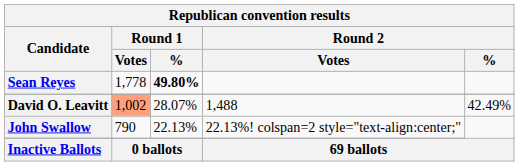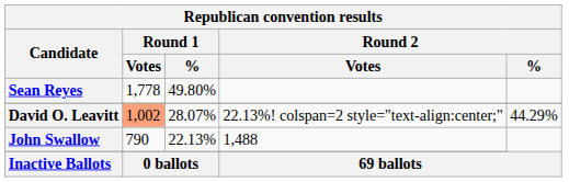 <table class="wikitable sortable">
 <tr>
 <th colspan="5">Republican convention results</th>
 </tr>
 <tr style="background:#eee; text-align:center;">
 <th rowspan="2" style="text-align:center;">Candidate</th>
 <th colspan="2" style="text-align:center;">Round 1</th>
 <th colspan="2" style="text-align:center;">Round 2</th>
 </tr>
 <tr>
 <th>Votes</th>
 <th>%</th>
 <th>Votes</th>
 <th>%</th>
 </tr>
 <tr>
 <th scope="row" style="text-align:left;"><a href='#'>Sean Reyes</a></th>
 <td>1,778</td>
-<td><strong>49.80%</strong></td>
+<td>49.80%</td>
 <td></td>
 <td></td>
 </tr>
 <tr>
 </tr>
 <tr>
 <th scope="row" style="text-align:left;">David O. Leavitt</th>
 <td style="background: lightsalmon;">1,002</td>
 <td>28.07%</td>
-<td>1,488</td>
-<td>42.49%</td>
+<td>22.13%! colspan=2 style="text-align:center;" </td>
+<td>44.29%</td>
 </tr>
 <tr>
 <th scope="row" style="text-align:left;"><a href='#'>John Swallow</a></th>
 <td>790</td>
 <td>22.13%</td>
-<td>22.13%! colspan=2 style="text-align:center;" </td>
+<td>1,488</td>
 </tr>
 <tr>
 </tr>
 <tr>
 </tr>
 <tr>
 </tr>
 <tr>
 <th scope="row" style="text-align:left;"><a href='#'>Inactive Ballots</a></th>
 <th colspan="2">0 ballots</th>
 <th colspan="2">69 ballots</th>
 </tr>
 </table>
